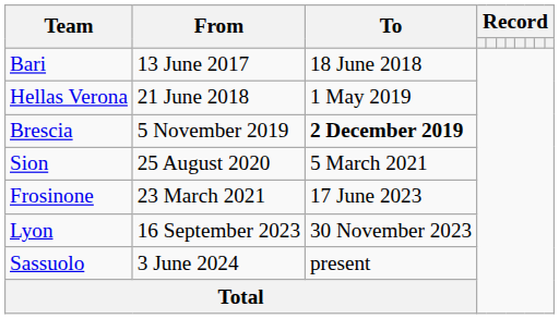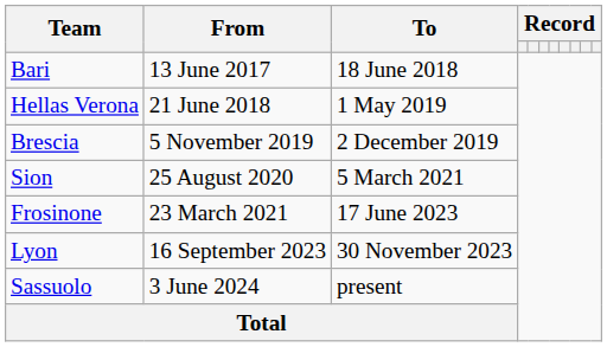 <table class=wikitable style="text-align: center">
 <tr>
 <th rowspan=2>Team</th>
 <th rowspan=2>From</th>
 <th rowspan=2>To</th>
 <th colspan=8>Record</th>
 </tr>
 <tr>
 <th></th>
 <th></th>
 <th></th>
 <th></th>
 <th></th>
 <th></th>
 <th></th>
 <th></th>
 </tr>
 <tr>
 <td align=left><a href='#'>Bari</a></td>
 <td align=left>13 June 2017</td>
 <td align=left>18 June 2018<br></td>
 </tr>
 <tr>
 <td align=left><a href='#'>Hellas Verona</a></td>
 <td align=left>21 June 2018</td>
 <td align=left>1 May 2019<br></td>
 </tr>
 <tr>
 <td align=left><a href='#'>Brescia</a></td>
 <td align=left>5 November 2019</td>
-<td align=left><strong>2 December 2019<br></strong></td>
+<td align=left>2 December 2019<br></td>
 </tr>
 <tr>
 <td align=left><a href='#'>Sion</a></td>
 <td align=left>25 August 2020</td>
 <td align=left>5 March 2021<br></td>
 </tr>
 <tr>
 <td align=left><a href='#'>Frosinone</a></td>
 <td align=left>23 March 2021</td>
 <td align=left>17 June 2023<br></td>
 </tr>
 <tr>
 <td align=left><a href='#'>Lyon</a></td>
 <td align=left>16 September 2023</td>
 <td align=left>30 November 2023<br></td>
 </tr>
 <tr>
 <td align=left><a href='#'>Sassuolo</a></td>
 <td align=left>3 June 2024</td>
 <td align=left>present<br></td>
 </tr>
 <tr>
 <th colspan="3">Total<br></th>
 </tr>
 </table>
